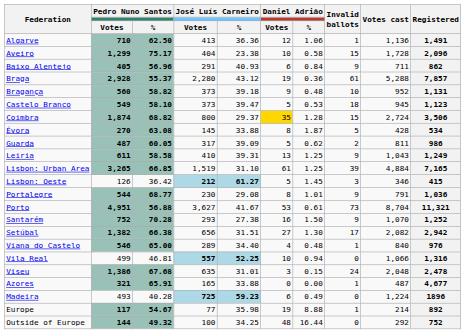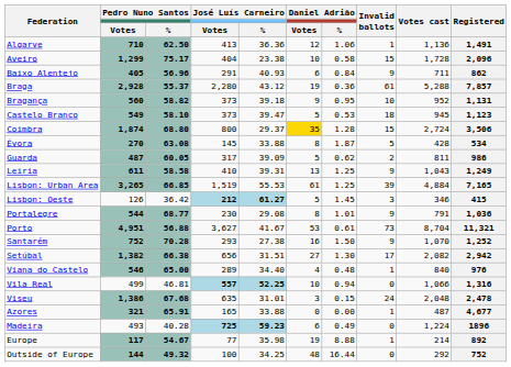 <table class="wikitable" style="text-align:right; font-size:97%;">
 <tr>
 <th rowspan="3">Federation</th>
 <th colspan="2">Pedro Nuno Santos</th>
 <th colspan="2">José Luís Carneiro</th>
 <th colspan="2">Daniel Adrião</th>
 <th rowspan="3">Invalid<br>ballots</th>
 <th rowspan="3">Votes cast</th>
 <th rowspan="3">Registered</th>
 </tr>
 <tr>
 <th colspan="2" style="background:#32826e;"></th>
 <th colspan="2" style="background:#6BC4FF;"></th>
 <th colspan="2" style="background:#b73b31;"></th>
 </tr>
 <tr>
 <th>Votes</th>
 <th>%</th>
 <th>Votes</th>
 <th>%</th>
 <th>Votes</th>
 <th>%</th>
 </tr>
 <tr>
 <td align="left"><a href='#'>Algarve</a></td>
 <td style="background:#99c1b7;"><strong>710</strong></td>
 <td style="background:#99c1b7;"><strong>62.50</strong></td>
 <td>413</td>
 <td>36.36</td>
 <td>12</td>
 <td>1.06</td>
 <td>1</td>
 <td>1,136</td>
 <th>1,491</th>
 </tr>
 <tr>
 <td align="left"><a href='#'>Aveiro</a></td>
 <td style="background:#99c1b7;"><strong>1,299</strong></td>
 <td style="background:#99c1b7;"><strong>75.17</strong></td>
 <td>404</td>
 <td>23.38</td>
 <td>10</td>
 <td>0.58</td>
 <td>15</td>
 <td>1,728</td>
 <th>2,096</th>
 </tr>
 <tr>
 <td align="left"><a href='#'>Baixo Alentejo</a></td>
 <td style="background:#99c1b7;"><strong>405</strong></td>
 <td style="background:#99c1b7;"><strong>56.96</strong></td>
 <td>291</td>
 <td>40.93</td>
 <td>6</td>
 <td>0.84</td>
 <td>9</td>
 <td>711</td>
 <th>862</th>
 </tr>
 <tr>
 <td align="left"><a href='#'>Braga</a></td>
 <td style="background:#99c1b7;"><strong>2,928</strong></td>
 <td style="background:#99c1b7;"><strong>55.37</strong></td>
 <td>2,280</td>
 <td>43.12</td>
 <td>19</td>
 <td>0.36</td>
 <td>61</td>
 <td>5,288</td>
 <th>7,857</th>
 </tr>
 <tr>
 <td align="left"><a href='#'>Bragança</a></td>
 <td style="background:#99c1b7;"><strong>560</strong></td>
 <td style="background:#99c1b7;"><strong>58.82</strong></td>
 <td>373</td>
 <td>39.18</td>
 <td>9</td>
-<td>0.48</td>
+<td>0.95</td>
 <td>10</td>
 <td>952</td>
 <th>1,131</th>
 </tr>
 <tr>
 <td align="left"><a href='#'>Castelo Branco</a></td>
 <td style="background:#99c1b7;"><strong>549</strong></td>
 <td style="background:#99c1b7;"><strong>58.10</strong></td>
 <td>373</td>
 <td>39.47</td>
 <td>5</td>
 <td>0.53</td>
 <td>18</td>
 <td>945</td>
 <th>1,123</th>
 </tr>
 <tr>
 <td align="left"><a href='#'>Coimbra</a></td>
 <td style="background:#99c1b7;"><strong>1,874</strong></td>
-<td style="background:#99c1b7;"><strong>68.82</strong></td>
+<td style="background:#99c1b7;"><strong>68.80</strong></td>
 <td>800</td>
 <td>29.37</td>
 <td style="background: gold;">35</td>
 <td>1.28</td>
 <td>15</td>
 <td>2,724</td>
 <th>3,506</th>
 </tr>
 <tr>
 <td align="left"><a href='#'>Évora</a></td>
 <td style="background:#99c1b7;"><strong>270</strong></td>
 <td style="background:#99c1b7;"><strong>63.08</strong></td>
 <td>145</td>
 <td>33.88</td>
 <td>8</td>
 <td>1.87</td>
 <td>5</td>
 <td>428</td>
 <th>534</th>
 </tr>
 <tr>
 <td align="left"><a href='#'>Guarda</a></td>
 <td style="background:#99c1b7;"><strong>487</strong></td>
 <td style="background:#99c1b7;"><strong>60.05</strong></td>
 <td>317</td>
 <td>39.09</td>
 <td>5</td>
 <td>0.62</td>
 <td>2</td>
 <td>811</td>
 <th>986</th>
 </tr>
 <tr>
 <td align="left"><a href='#'>Leiria</a></td>
 <td style="background:#99c1b7;"><strong>611</strong></td>
 <td style="background:#99c1b7;"><strong>58.58</strong></td>
 <td>410</td>
 <td>39.31</td>
 <td>13</td>
 <td>1.25</td>
 <td>9</td>
 <td>1,043</td>
 <th>1,249</th>
 </tr>
 <tr>
 <td align="left"><a href='#'>Lisbon: Urban Area</a></td>
 <td style="background:#99c1b7;"><strong>3,265</strong></td>
 <td style="background:#99c1b7;"><strong>66.85</strong></td>
 <td>1,519</td>
-<td>31.10</td>
+<td>55.53</td>
 <td>61</td>
 <td>1.25</td>
 <td>39</td>
 <td>4,884</td>
 <th>7,165</th>
 </tr>
 <tr>
 <td align="left"><a href='#'>Lisbon: Oeste</a></td>
 <td>126</td>
 <td>36.42</td>
 <td style="background:lightblue;"><strong>212</strong></td>
 <td style="background:lightblue;"><strong>61.27</strong></td>
 <td>5</td>
 <td>1.45</td>
 <td>3</td>
 <td>346</td>
 <th>415</th>
 </tr>
 <tr>
 <td align="left"><a href='#'>Portalegre</a></td>
 <td style="background:#99c1b7;"><strong>544</strong></td>
 <td style="background:#99c1b7;"><strong>68.77</strong></td>
 <td>230</td>
 <td>29.08</td>
 <td>8</td>
 <td>1.01</td>
 <td>9</td>
 <td>791</td>
 <th>1,036</th>
 </tr>
 <tr>
 <td align="left"><a href='#'>Porto</a></td>
 <td style="background:#99c1b7;"><strong>4,951</strong></td>
 <td style="background:#99c1b7;"><strong>56.88</strong></td>
 <td>3,627</td>
 <td>41.67</td>
 <td>53</td>
 <td>0.61</td>
 <td>73</td>
 <td>8,704</td>
 <th>11,321</th>
 </tr>
 <tr>
 <td align="left"><a href='#'>Santarém</a></td>
 <td style="background:#99c1b7;"><strong>752</strong></td>
 <td style="background:#99c1b7;"><strong>70.28</strong></td>
 <td>293</td>
 <td>27.38</td>
 <td>16</td>
 <td>1.50</td>
 <td>9</td>
 <td>1,070</td>
 <th>1,252</th>
 </tr>
 <tr>
 <td align="left"><a href='#'>Setúbal</a></td>
 <td style="background:#99c1b7;"><strong>1,382</strong></td>
 <td style="background:#99c1b7;"><strong>66.38</strong></td>
 <td>656</td>
 <td>31.51</td>
 <td>27</td>
 <td>1.30</td>
 <td>17</td>
 <td>2,082</td>
 <th>2,942</th>
 </tr>
 <tr>
 <td align="left"><a href='#'>Viana do Castelo</a></td>
 <td style="background:#99c1b7;"><strong>546</strong></td>
 <td style="background:#99c1b7;"><strong>65.00</strong></td>
 <td>289</td>
 <td>34.40</td>
 <td>4</td>
 <td>0.48</td>
 <td>1</td>
 <td>840</td>
 <th>976</th>
 </tr>
 <tr>
 <td align="left"><a href='#'>Vila Real</a></td>
 <td>499</td>
 <td>46.81</td>
 <td style="background:lightblue;"><strong>557</strong></td>
 <td style="background:lightblue;"><strong>52.25</strong></td>
 <td>10</td>
 <td>0.94</td>
 <td>0</td>
 <td>1,066</td>
 <th>1,316</th>
 </tr>
 <tr>
 <td align="left"><a href='#'>Viseu</a></td>
 <td style="background:#99c1b7;"><strong>1,386</strong></td>
 <td style="background:#99c1b7;"><strong>67.68</strong></td>
 <td>635</td>
 <td>31.01</td>
 <td>3</td>
 <td>0.15</td>
 <td>24</td>
 <td>2,048</td>
 <th>2,478</th>
 </tr>
 <tr>
 <td align="left"><a href='#'>Azores</a></td>
 <td style="background:#99c1b7;"><strong>321</strong></td>
 <td style="background:#99c1b7;"><strong>65.91</strong></td>
 <td>165</td>
 <td>33.88</td>
 <td>0</td>
 <td>0.00</td>
 <td>1</td>
 <td>487</td>
 <th>4,677</th>
 </tr>
 <tr>
 <td align="left"><a href='#'>Madeira</a></td>
 <td>493</td>
 <td>40.28</td>
 <td style="background:lightblue;"><strong>725</strong></td>
 <td style="background:lightblue;"><strong>59.23</strong></td>
 <td>6</td>
 <td>0.49</td>
 <td>0</td>
 <td>1,224</td>
 <th>1896</th>
 </tr>
 <tr>
 <td align="left">Europe</td>
 <td style="background:#99c1b7;"><strong>117</strong></td>
 <td style="background:#99c1b7;"><strong>54.67</strong></td>
 <td>77</td>
 <td>35.98</td>
 <td>19</td>
 <td>8.88</td>
 <td>1</td>
 <td>214</td>
 <th>892</th>
 </tr>
 <tr>
 <td align="left">Outside of Europe</td>
 <td style="background:#99c1b7;"><strong>144</strong></td>
 <td style="background:#99c1b7;"><strong>49.32</strong></td>
 <td>100</td>
 <td>34.25</td>
 <td>48</td>
 <td>16.44</td>
 <td>0</td>
 <td>292</td>
 <th>752</th>
 </tr>
 </table>
